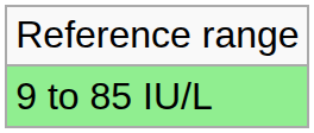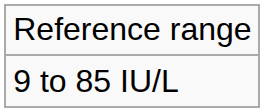 <table class="wikitable" align="right">
 <tr>
 <td>Reference range</td>
 </tr>
 <tr>
-<td style="background: lightgreen;">9 to 85 IU/L</td>
+<td>9 to 85 IU/L</td>
 </tr>
 </table>
